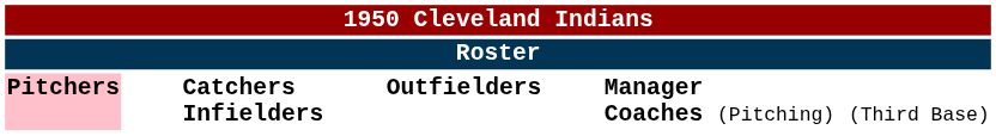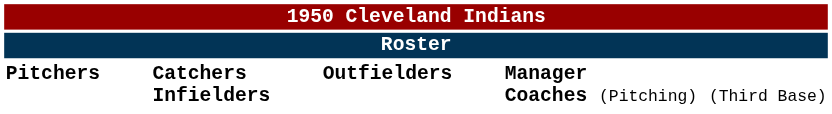 <table class="toccolours" style="font-size: 95%;">
 <tr>
 <th colspan="10" style="background-color: #990000; color: white; text-align: center;">1950 Cleveland Indians</th>
 </tr>
 <tr>
 <td colspan="10" style="background-color: #023456; color: white; text-align: center;"><strong>Roster</strong></td>
 </tr>
 <tr>
-<td valign="top" style="background: pink;"><strong>Pitchers</strong><br>            </td>
+<td valign="top"><strong>Pitchers</strong><br>            </td>
 <td width="25px"></td>
 <td valign="top"><strong>Catchers</strong><br>  <strong>Infielders</strong>         </td>
 <td width="25px"></td>
 <td valign="top"><strong>Outfielders</strong><br>     </td>
 <td width="25px"></td>
 <td valign="top"><strong>Manager</strong><br> <strong>Coaches</strong>  <small>(Pitching)</small>    <small>(Third Base)</small></td>
 </tr>
 </table>
